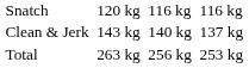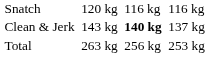 <table>
 <tr>
 <td>Snatch</td>
 <td></td>
 <td>120 kg</td>
 <td></td>
 <td>116 kg</td>
 <td></td>
 <td>116 kg</td>
 </tr>
 <tr>
 <td>Clean & Jerk</td>
 <td></td>
 <td>143 kg</td>
 <td></td>
-<td>140 kg</td>
+<td><strong>140 kg</strong></td>
 <td></td>
 <td>137 kg</td>
 </tr>
 <tr>
 <td>Total</td>
 <td></td>
 <td>263 kg</td>
 <td></td>
 <td>256 kg</td>
 <td></td>
 <td>253 kg</td>
 </tr>
 </table>
